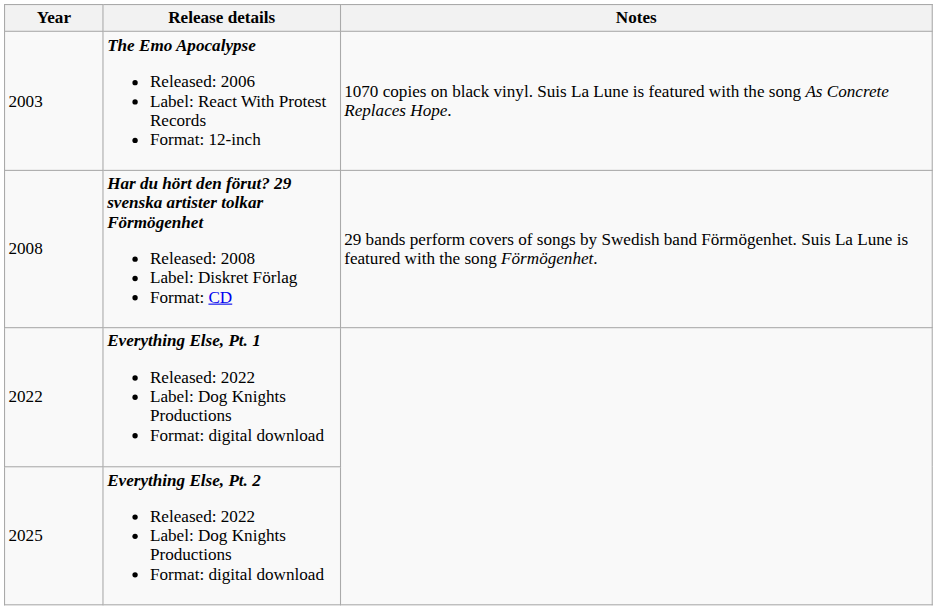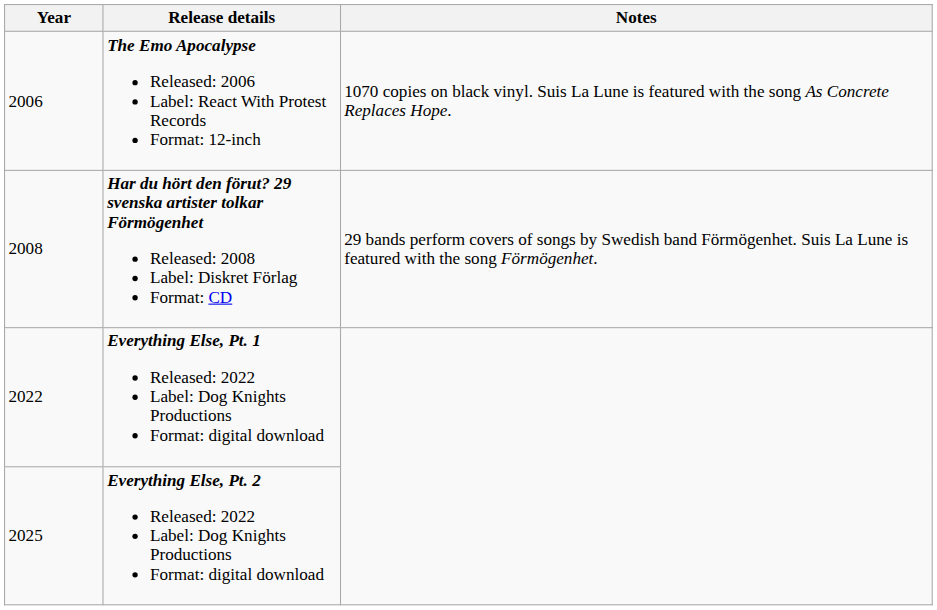 <table class ="wikitable">
 <tr>
 <th style="width: 5%">Year</th>
 <th style="width:10%">Release details</th>
 <th style="width:30%">Notes</th>
 </tr>
 <tr>
-<td>2003</td>
+<td>2006</td>
 <td><strong><em>The Emo Apocalypse</em></strong><br><ul><li>Released: 2006</li><li>Label: React With Protest Records</li><li>Format: 12-inch</li></ul></td>
 <td>1070 copies on black vinyl. Suis La Lune is featured with the song <em>As Concrete Replaces Hope</em>.</td>
 </tr>
 <tr>
 <td>2008</td>
 <td><strong><em>Har du hört den förut? 29 svenska artister tolkar Förmögenhet</em></strong><br><ul><li>Released: 2008</li><li>Label: Diskret Förlag</li><li>Format: <a href='#'>CD</a></li></ul></td>
 <td>29 bands perform covers of songs by Swedish band Förmögenhet. Suis La Lune is featured with the song <em>Förmögenhet</em>.</td>
 </tr>
 <tr>
 <td>2022</td>
 <td><strong><em>Everything Else, Pt. 1</em></strong><br><ul><li>Released: 2022</li><li>Label: Dog Knights Productions</li><li>Format: digital download</li></ul></td>
 </tr>
 <tr>
 <td>2025</td>
 <td><strong><em>Everything Else, Pt. 2</em></strong><br><ul><li>Released: 2022</li><li>Label: Dog Knights Productions</li><li>Format: digital download</li></ul></td>
 </tr>
 </table>
